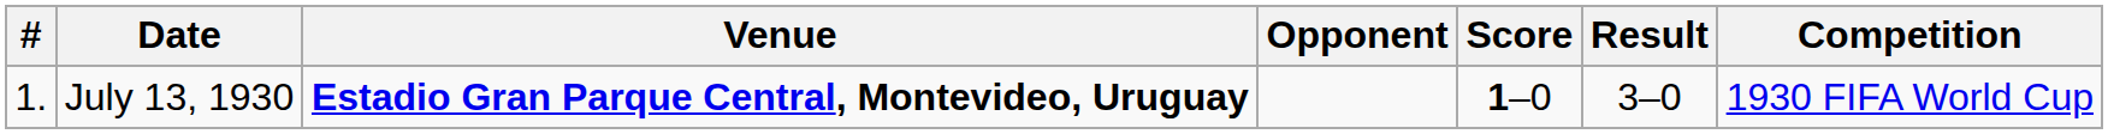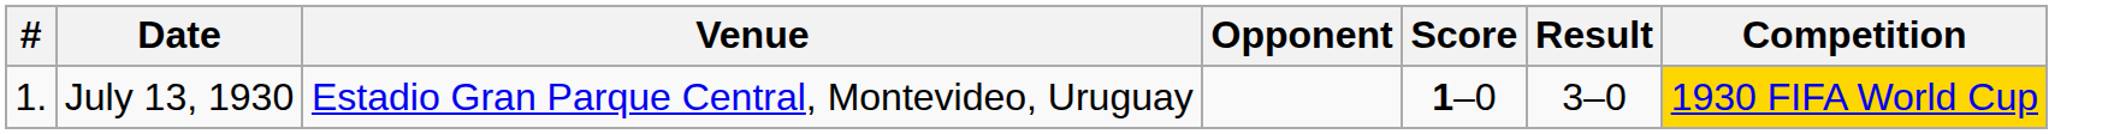 <table class="wikitable sortable" style="font-size:100%">
 <tr>
 <th>#</th>
 <th>Date</th>
 <th>Venue</th>
 <th>Opponent</th>
 <th>Score</th>
 <th>Result</th>
 <th>Competition</th>
 </tr>
 <tr>
 <td align=center>1.</td>
 <td>July 13, 1930</td>
-<td><strong><a href='#'>Estadio Gran Parque Central</a>, Montevideo, Uruguay</strong></td>
+<td><a href='#'>Estadio Gran Parque Central</a>, Montevideo, Uruguay</td>
 <td></td>
 <td align=center><strong>1</strong>–0</td>
 <td align=center>3–0</td>
-<td><a href='#'>1930 FIFA World Cup</a></td>
+<td style="background: gold;"><a href='#'>1930 FIFA World Cup</a></td>
 </tr>
 <tr>
 </tr>
 </table>
